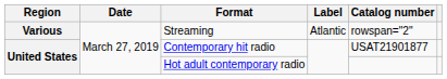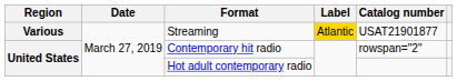 <table class="wikitable plainrowheaders">
 <tr>
 <th scope="col">Region</th>
 <th scope="col">Date</th>
 <th scope="col">Format</th>
 <th scope="col">Label</th>
 <th scope="col">Catalog number</th>
 <th scope="col"></th>
 </tr>
 <tr>
 <th scope="row">Various</th>
 <td rowspan="3">March 27, 2019</td>
 <td>Streaming</td>
-<td>Atlantic</td>
-<td>rowspan="2" </td>
+<td style="background: gold;">Atlantic</td>
+<td>USAT21901877</td>
 <td style="text-align:center;"></td>
 </tr>
 <tr>
 <th scope="row" rowspan="2">United States</th>
 <td><a href='#'>Contemporary hit</a> radio</td>
 <td rowspan="2"></td>
-<td>USAT21901877</td>
+<td>rowspan="2" </td>
 <td style="text-align:center;"></td>
 </tr>
 <tr>
 <td><a href='#'>Hot adult contemporary</a> radio</td>
 <td style="text-align:center;"></td>
 </tr>
 </table>
